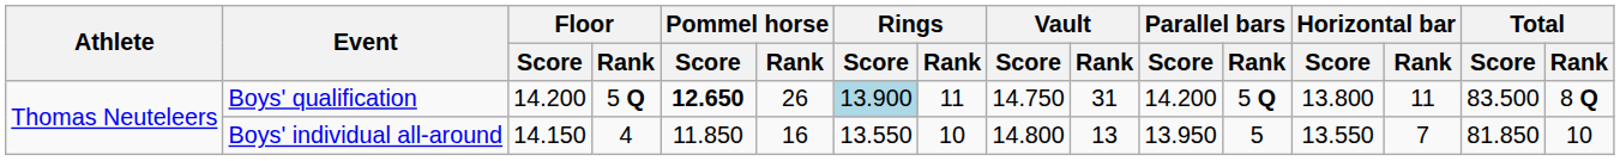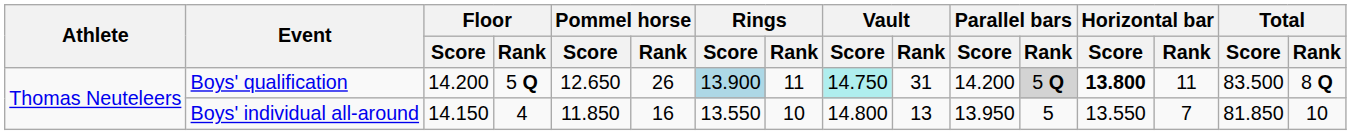 <table class="wikitable" border="1" style="font-size:90%">
 <tr>
 <th rowspan=2>Athlete</th>
 <th rowspan=2>Event</th>
 <th colspan=2>Floor</th>
 <th colspan=2>Pommel horse</th>
 <th colspan=2>Rings</th>
 <th colspan=2>Vault</th>
 <th colspan=2>Parallel bars</th>
 <th colspan=2>Horizontal bar</th>
 <th colspan=2>Total</th>
 </tr>
 <tr>
 <th>Score</th>
 <th>Rank</th>
 <th>Score</th>
 <th>Rank</th>
 <th>Score</th>
 <th>Rank</th>
 <th>Score</th>
 <th>Rank</th>
 <th>Score</th>
 <th>Rank</th>
 <th>Score</th>
 <th>Rank</th>
 <th>Score</th>
 <th>Rank</th>
 </tr>
 <tr>
 <td rowspan=2><a href='#'>Thomas Neuteleers</a></td>
 <td><a href='#'>Boys' qualification</a></td>
 <td align=center>14.200</td>
 <td align=center>5 <strong>Q</strong></td>
-<td align=center><strong>12.650</strong></td>
+<td align=center>12.650</td>
 <td align=center>26</td>
 <td align=center style="background: lightblue;">13.900</td>
 <td align=center>11</td>
-<td align=center>14.750</td>
+<td align=center style="background: paleturquoise;">14.750</td>
 <td align=center>31</td>
 <td align=center>14.200</td>
-<td align=center>5 <strong>Q</strong></td>
-<td align=center>13.800</td>
+<td align=center style="background: lightgrey;">5 <strong>Q</strong></td>
+<td align=center><strong>13.800</strong></td>
 <td align=center>11</td>
 <td align=center>83.500</td>
 <td align=center>8 <strong>Q</strong></td>
 </tr>
 <tr>
 <td><a href='#'>Boys' individual all-around</a></td>
 <td align=center>14.150</td>
 <td align=center>4</td>
 <td align=center>11.850</td>
 <td align=center>16</td>
 <td align=center>13.550</td>
 <td align=center>10</td>
 <td align=center>14.800</td>
 <td align=center>13</td>
 <td align=center>13.950</td>
 <td align=center>5</td>
 <td align=center>13.550</td>
 <td align=center>7</td>
 <td align=center>81.850</td>
 <td align=center>10</td>
 </tr>
 </table>
